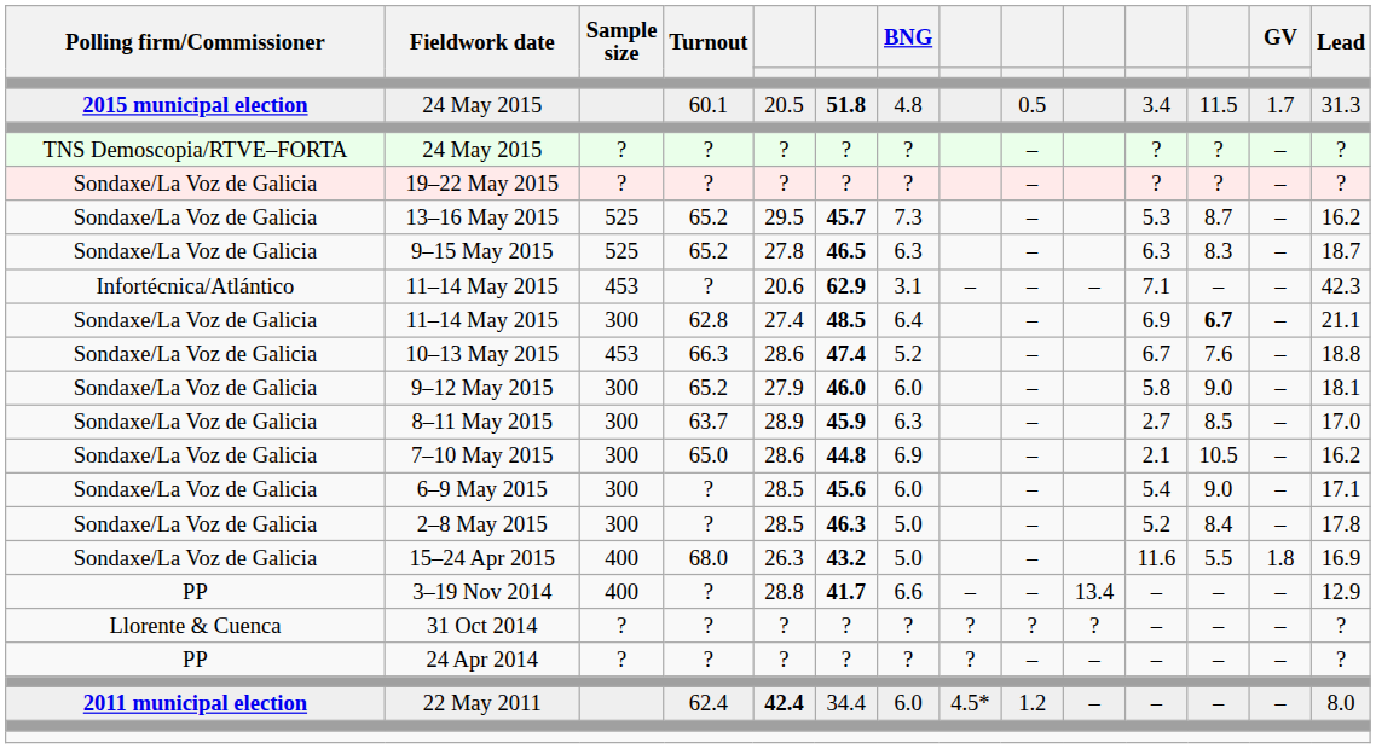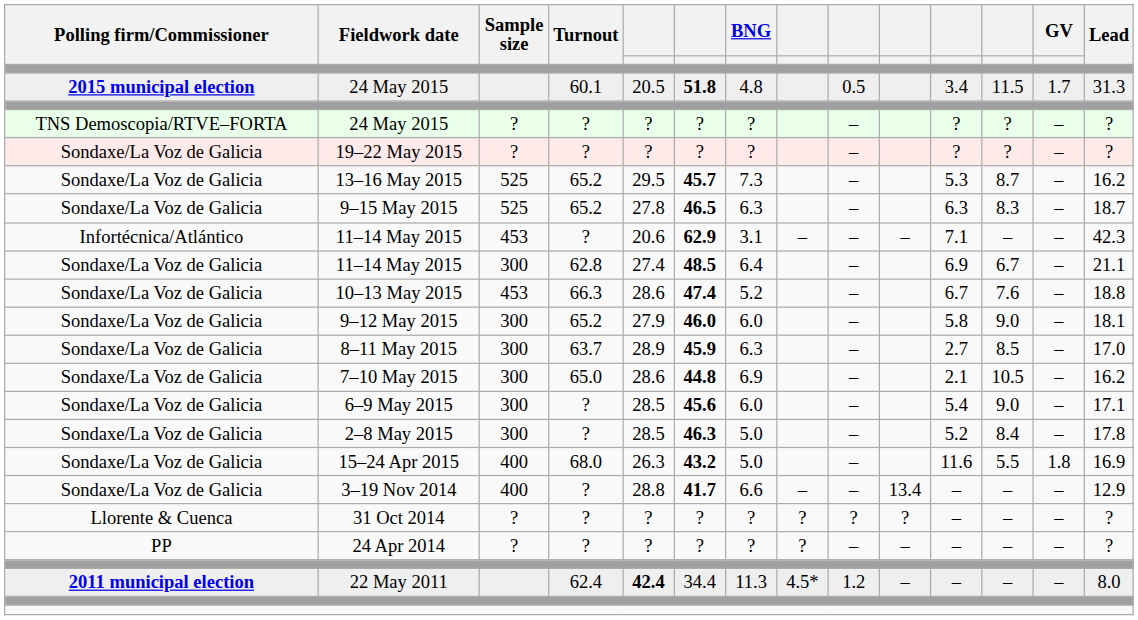 <table class="wikitable collapsible collapsed" style="text-align:center; font-size:95%; line-height:16px;">
 <tr style="height:42px;">
 <th style="width:250px;" rowspan="2">Polling firm/Commissioner</th>
 <th style="width:125px;" rowspan="2">Fieldwork date</th>
 <th style="width:50px;" rowspan="2">Sample size</th>
 <th style="width:45px;" rowspan="2">Turnout</th>
 <th style="width:35px;"></th>
 <th style="width:35px;"></th>
 <th style="width:35px;"><a href='#'>BNG</a></th>
 <th style="width:35px;"></th>
 <th style="width:35px;"></th>
 <th style="width:35px;"></th>
 <th style="width:35px;"></th>
 <th style="width:35px;"></th>
 <th style="width:35px;">GV</th>
 <th style="width:30px;" rowspan="2">Lead</th>
 </tr>
 <tr>
 <th style="color:inherit;background:"></th>
 <th style="color:inherit;background:"></th>
 <th style="color:inherit;background:"></th>
 <th style="color:inherit;background:"></th>
 <th style="color:inherit;background:"></th>
 <th style="color:inherit;background:"></th>
 <th style="color:inherit;background:"></th>
 <th style="color:inherit;background:"></th>
 <th style="color:inherit;background:"></th>
 </tr>
 <tr>
 <td colspan="14" style="background:#A0A0A0"></td>
 </tr>
 <tr style="background:#EFEFEF;">
 <td><strong><a href='#'>2015 municipal election</a></strong></td>
 <td>24 May 2015</td>
 <td></td>
 <td>60.1</td>
 <td>20.5<br></td>
 <td><strong>51.8</strong><br></td>
 <td>4.8<br></td>
 <td></td>
 <td>0.5<br></td>
 <td></td>
 <td>3.4<br></td>
 <td>11.5<br></td>
 <td>1.7<br></td>
 <td style="background:">31.3</td>
 </tr>
 <tr>
 <td colspan="14" style="background:#A0A0A0"></td>
 </tr>
 <tr style="background:#EAFFEA;">
 <td>TNS Demoscopia/RTVE–FORTA</td>
 <td>24 May 2015</td>
 <td>?</td>
 <td>?</td>
 <td>?<br></td>
 <td>?<br></td>
 <td>?<br></td>
 <td></td>
 <td>–</td>
 <td></td>
 <td>?<br></td>
 <td>?<br></td>
 <td>–</td>
 <td style="background:">?</td>
 </tr>
 <tr style="background:#FFEAEA;">
 <td>Sondaxe/La Voz de Galicia</td>
 <td>19–22 May 2015</td>
 <td>?</td>
 <td>?</td>
 <td>?<br></td>
 <td>?<br></td>
 <td>?<br></td>
 <td></td>
 <td>–</td>
 <td></td>
 <td>?<br></td>
 <td>?<br></td>
 <td>–</td>
 <td style="background:">?</td>
 </tr>
 <tr>
 <td>Sondaxe/La Voz de Galicia</td>
 <td>13–16 May 2015</td>
 <td>525</td>
 <td>65.2</td>
 <td>29.5<br></td>
 <td><strong>45.7</strong><br></td>
 <td>7.3<br></td>
 <td></td>
 <td>–</td>
 <td></td>
 <td>5.3<br></td>
 <td>8.7<br></td>
 <td>–</td>
 <td style="background:">16.2</td>
 </tr>
 <tr>
 <td>Sondaxe/La Voz de Galicia</td>
 <td>9–15 May 2015</td>
 <td>525</td>
 <td>65.2</td>
 <td>27.8<br></td>
 <td><strong>46.5</strong><br></td>
 <td>6.3<br></td>
 <td></td>
 <td>–</td>
 <td></td>
 <td>6.3<br></td>
 <td>8.3<br></td>
 <td>–</td>
 <td style="background:">18.7</td>
 </tr>
 <tr>
 <td>Infortécnica/Atlántico</td>
 <td>11–14 May 2015</td>
 <td>453</td>
 <td>?</td>
 <td>20.6<br></td>
 <td><strong>62.9</strong><br></td>
 <td>3.1<br></td>
 <td>–</td>
 <td>–</td>
 <td>–</td>
 <td>7.1<br></td>
 <td>–</td>
 <td>–</td>
 <td style="background:">42.3</td>
 </tr>
 <tr>
 <td>Sondaxe/La Voz de Galicia</td>
 <td>11–14 May 2015</td>
 <td>300</td>
 <td>62.8</td>
 <td>27.4<br></td>
 <td><strong>48.5</strong><br></td>
 <td>6.4<br></td>
 <td></td>
 <td>–</td>
 <td></td>
 <td>6.9<br></td>
-<td><strong>6.7<br></strong></td>
+<td>6.7<br></td>
 <td>–</td>
 <td style="background:">21.1</td>
 </tr>
 <tr>
 <td>Sondaxe/La Voz de Galicia</td>
 <td>10–13 May 2015</td>
 <td>453</td>
 <td>66.3</td>
 <td>28.6<br></td>
 <td><strong>47.4</strong><br></td>
 <td>5.2<br></td>
 <td></td>
 <td>–</td>
 <td></td>
 <td>6.7<br></td>
 <td>7.6<br></td>
 <td>–</td>
 <td style="background:">18.8</td>
 </tr>
 <tr>
 <td>Sondaxe/La Voz de Galicia</td>
 <td>9–12 May 2015</td>
 <td>300</td>
 <td>65.2</td>
 <td>27.9<br></td>
 <td><strong>46.0</strong><br></td>
 <td>6.0<br></td>
 <td></td>
 <td>–</td>
 <td></td>
 <td>5.8<br></td>
 <td>9.0<br></td>
 <td>–</td>
 <td style="background:">18.1</td>
 </tr>
 <tr>
 <td>Sondaxe/La Voz de Galicia</td>
 <td>8–11 May 2015</td>
 <td>300</td>
 <td>63.7</td>
 <td>28.9<br></td>
 <td><strong>45.9</strong><br></td>
 <td>6.3<br></td>
 <td></td>
 <td>–</td>
 <td></td>
 <td>2.7<br></td>
 <td>8.5<br></td>
 <td>–</td>
 <td style="background:">17.0</td>
 </tr>
 <tr>
 <td>Sondaxe/La Voz de Galicia</td>
 <td>7–10 May 2015</td>
 <td>300</td>
 <td>65.0</td>
 <td>28.6<br></td>
 <td><strong>44.8</strong><br></td>
 <td>6.9<br></td>
 <td></td>
 <td>–</td>
 <td></td>
 <td>2.1<br></td>
 <td>10.5<br></td>
 <td>–</td>
 <td style="background:">16.2</td>
 </tr>
 <tr>
 <td>Sondaxe/La Voz de Galicia</td>
 <td>6–9 May 2015</td>
 <td>300</td>
 <td>?</td>
 <td>28.5<br></td>
 <td><strong>45.6</strong><br></td>
 <td>6.0<br></td>
 <td></td>
 <td>–</td>
 <td></td>
 <td>5.4<br></td>
 <td>9.0<br></td>
 <td>–</td>
 <td style="background:">17.1</td>
 </tr>
 <tr>
 <td>Sondaxe/La Voz de Galicia</td>
 <td>2–8 May 2015</td>
 <td>300</td>
 <td>?</td>
 <td>28.5<br></td>
 <td><strong>46.3</strong><br></td>
 <td>5.0<br></td>
 <td></td>
 <td>–</td>
 <td></td>
 <td>5.2<br></td>
 <td>8.4<br></td>
 <td>–</td>
 <td style="background:">17.8</td>
 </tr>
 <tr>
 <td>Sondaxe/La Voz de Galicia</td>
 <td>15–24 Apr 2015</td>
 <td>400</td>
 <td>68.0</td>
 <td>26.3<br></td>
 <td><strong>43.2</strong><br></td>
 <td>5.0<br></td>
 <td></td>
 <td>–</td>
 <td></td>
 <td>11.6<br></td>
 <td>5.5<br></td>
 <td>1.8<br></td>
 <td style="background:">16.9</td>
 </tr>
 <tr>
-<td>PP</td>
+<td>Sondaxe/La Voz de Galicia</td>
 <td>3–19 Nov 2014</td>
 <td>400</td>
 <td>?</td>
 <td>28.8<br></td>
 <td><strong>41.7</strong><br></td>
 <td>6.6<br></td>
 <td>–</td>
 <td>–</td>
 <td>13.4<br></td>
 <td>–</td>
 <td>–</td>
 <td>–</td>
 <td style="background:">12.9</td>
 </tr>
 <tr>
 <td>Llorente & Cuenca</td>
 <td>31 Oct 2014</td>
 <td>?</td>
 <td>?</td>
 <td>?<br></td>
 <td>?<br></td>
 <td>?<br></td>
 <td>?<br></td>
 <td>?<br></td>
 <td>?<br></td>
 <td>–</td>
 <td>–</td>
 <td>–</td>
 <td style="background:">?</td>
 </tr>
 <tr>
 <td>PP</td>
 <td>24 Apr 2014</td>
 <td>?</td>
 <td>?</td>
 <td>?<br></td>
 <td>?<br></td>
 <td>?<br></td>
 <td>?<br></td>
 <td>–</td>
 <td>–</td>
 <td>–</td>
 <td>–</td>
 <td>–</td>
 <td style="background:">?</td>
 </tr>
 <tr>
 <td colspan="14" style="background:#A0A0A0"></td>
 </tr>
 <tr style="background:#EFEFEF;">
 <td><strong><a href='#'>2011 municipal election</a></strong></td>
 <td>22 May 2011</td>
 <td></td>
 <td>62.4</td>
 <td><strong>42.4</strong><br></td>
 <td>34.4<br></td>
-<td>6.0<br></td>
+<td>11.3<br></td>
 <td>4.5*<br></td>
 <td>1.2<br></td>
 <td>–</td>
 <td>–</td>
 <td>–</td>
 <td>–</td>
 <td style="background:">8.0</td>
 </tr>
 <tr>
 <td colspan="14" style="background:#A0A0A0"></td>
 </tr>
 <tr>
 <td align="left" colspan="14"></td>
 </tr>
 </table>
